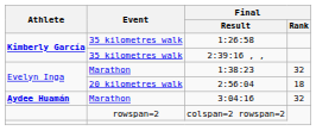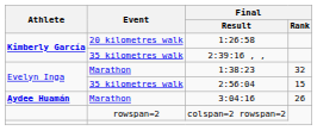 <table class=wikitable style=font-size:90%>
 <tr>
 <th rowspan=2>Athlete</th>
 <th rowspan=2>Event</th>
 <th colspan=2>Final</th>
 </tr>
 <tr style=font-size:95%>
 <th>Result</th>
 <th>Rank</th>
 </tr>
 <tr align=center>
 <td align=left rowspan=2><strong><a href='#'>Kimberly García</a></strong></td>
-<td align=left><a href='#'>35 kilometres walk</a></td>
+<td align=left><a href='#'>20 kilometres walk</a></td>
 <td>1:26:58 <strong></strong></td>
 <td></td>
 </tr>
 <tr align=center>
 <td align=left><a href='#'>35 kilometres walk</a></td>
 <td>2:39:16 <strong></strong>, <strong></strong>, <strong></strong></td>
 <td></td>
 </tr>
 <tr align=center>
 <td align=left rowspan=2><a href='#'>Evelyn Inga</a></td>
 <td align=left><a href='#'>Marathon</a></td>
 <td>1:38:23 </td>
 <td>32</td>
 </tr>
 <tr align=center>
-<td align=left><a href='#'>20 kilometres walk</a></td>
+<td align=left><a href='#'>35 kilometres walk</a></td>
 <td>2:56:04</td>
-<td>18</td>
+<td>15</td>
 </tr>
 <tr align=center>
 <td align=left><strong><a href='#'>Aydee Huamán</a></strong></td>
 <td align=left><a href='#'>Marathon</a></td>
 <td>3:04:16 </td>
-<td>32</td>
+<td>26</td>
 </tr>
 <tr align=center>
 <td></td>
 <td>rowspan=2 </td>
 <td>colspan=2 rowspan=2 </td>
 </tr>
 <tr align=center>
 <td></td>
 </tr>
 </table>
